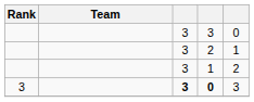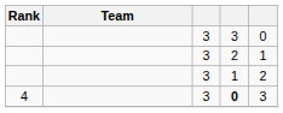 <table class="wikitable" style="text-align:center; font-size:90%;">
 <tr>
 <th width=35>Rank</th>
 <th width=160>Team</th>
 <th width=25></th>
 <th width=25></th>
 <th width=25></th>
 </tr>
 <tr>
 <td></td>
 <td align=left></td>
 <td>3</td>
 <td>3</td>
 <td>0</td>
 </tr>
 <tr>
 <td></td>
 <td align=left></td>
 <td>3</td>
 <td>2</td>
 <td>1</td>
 </tr>
 <tr>
 <td></td>
 <td align=left></td>
 <td>3</td>
 <td>1</td>
 <td>2</td>
 </tr>
 <tr>
+<td>4</td>
+<td align=left></td>
 <td>3</td>
-<td align=left></td>
-<td><strong>3</strong></td>
 <td><strong>0</strong></td>
 <td>3</td>
 </tr>
 <tr>
 </tr>
 </table>
